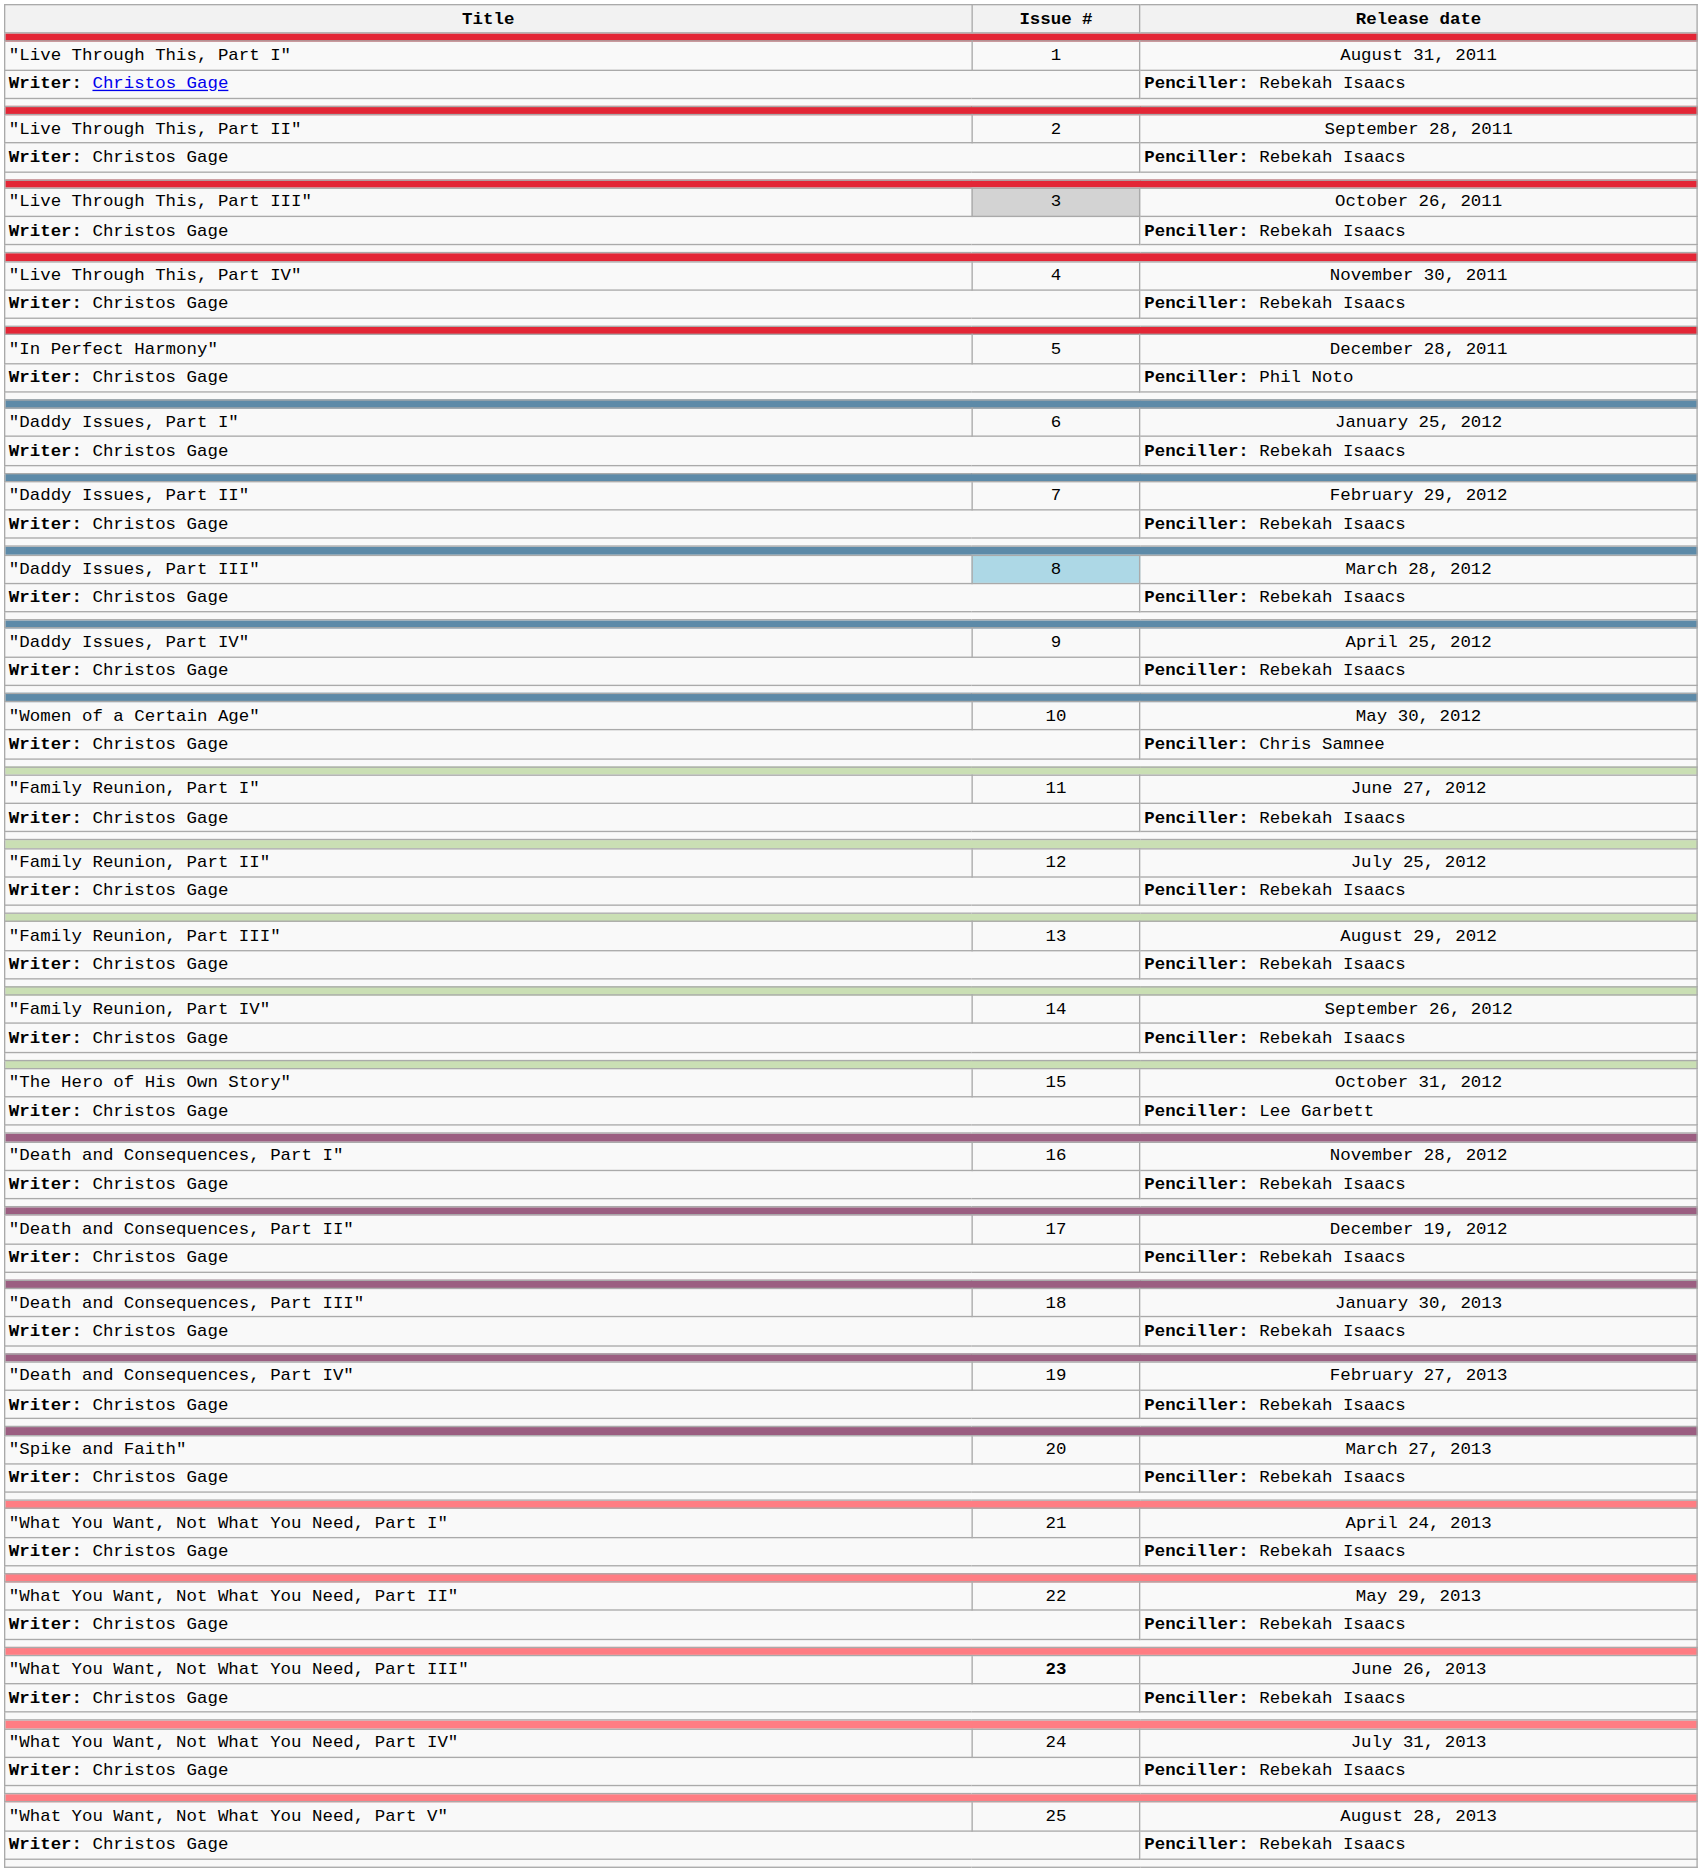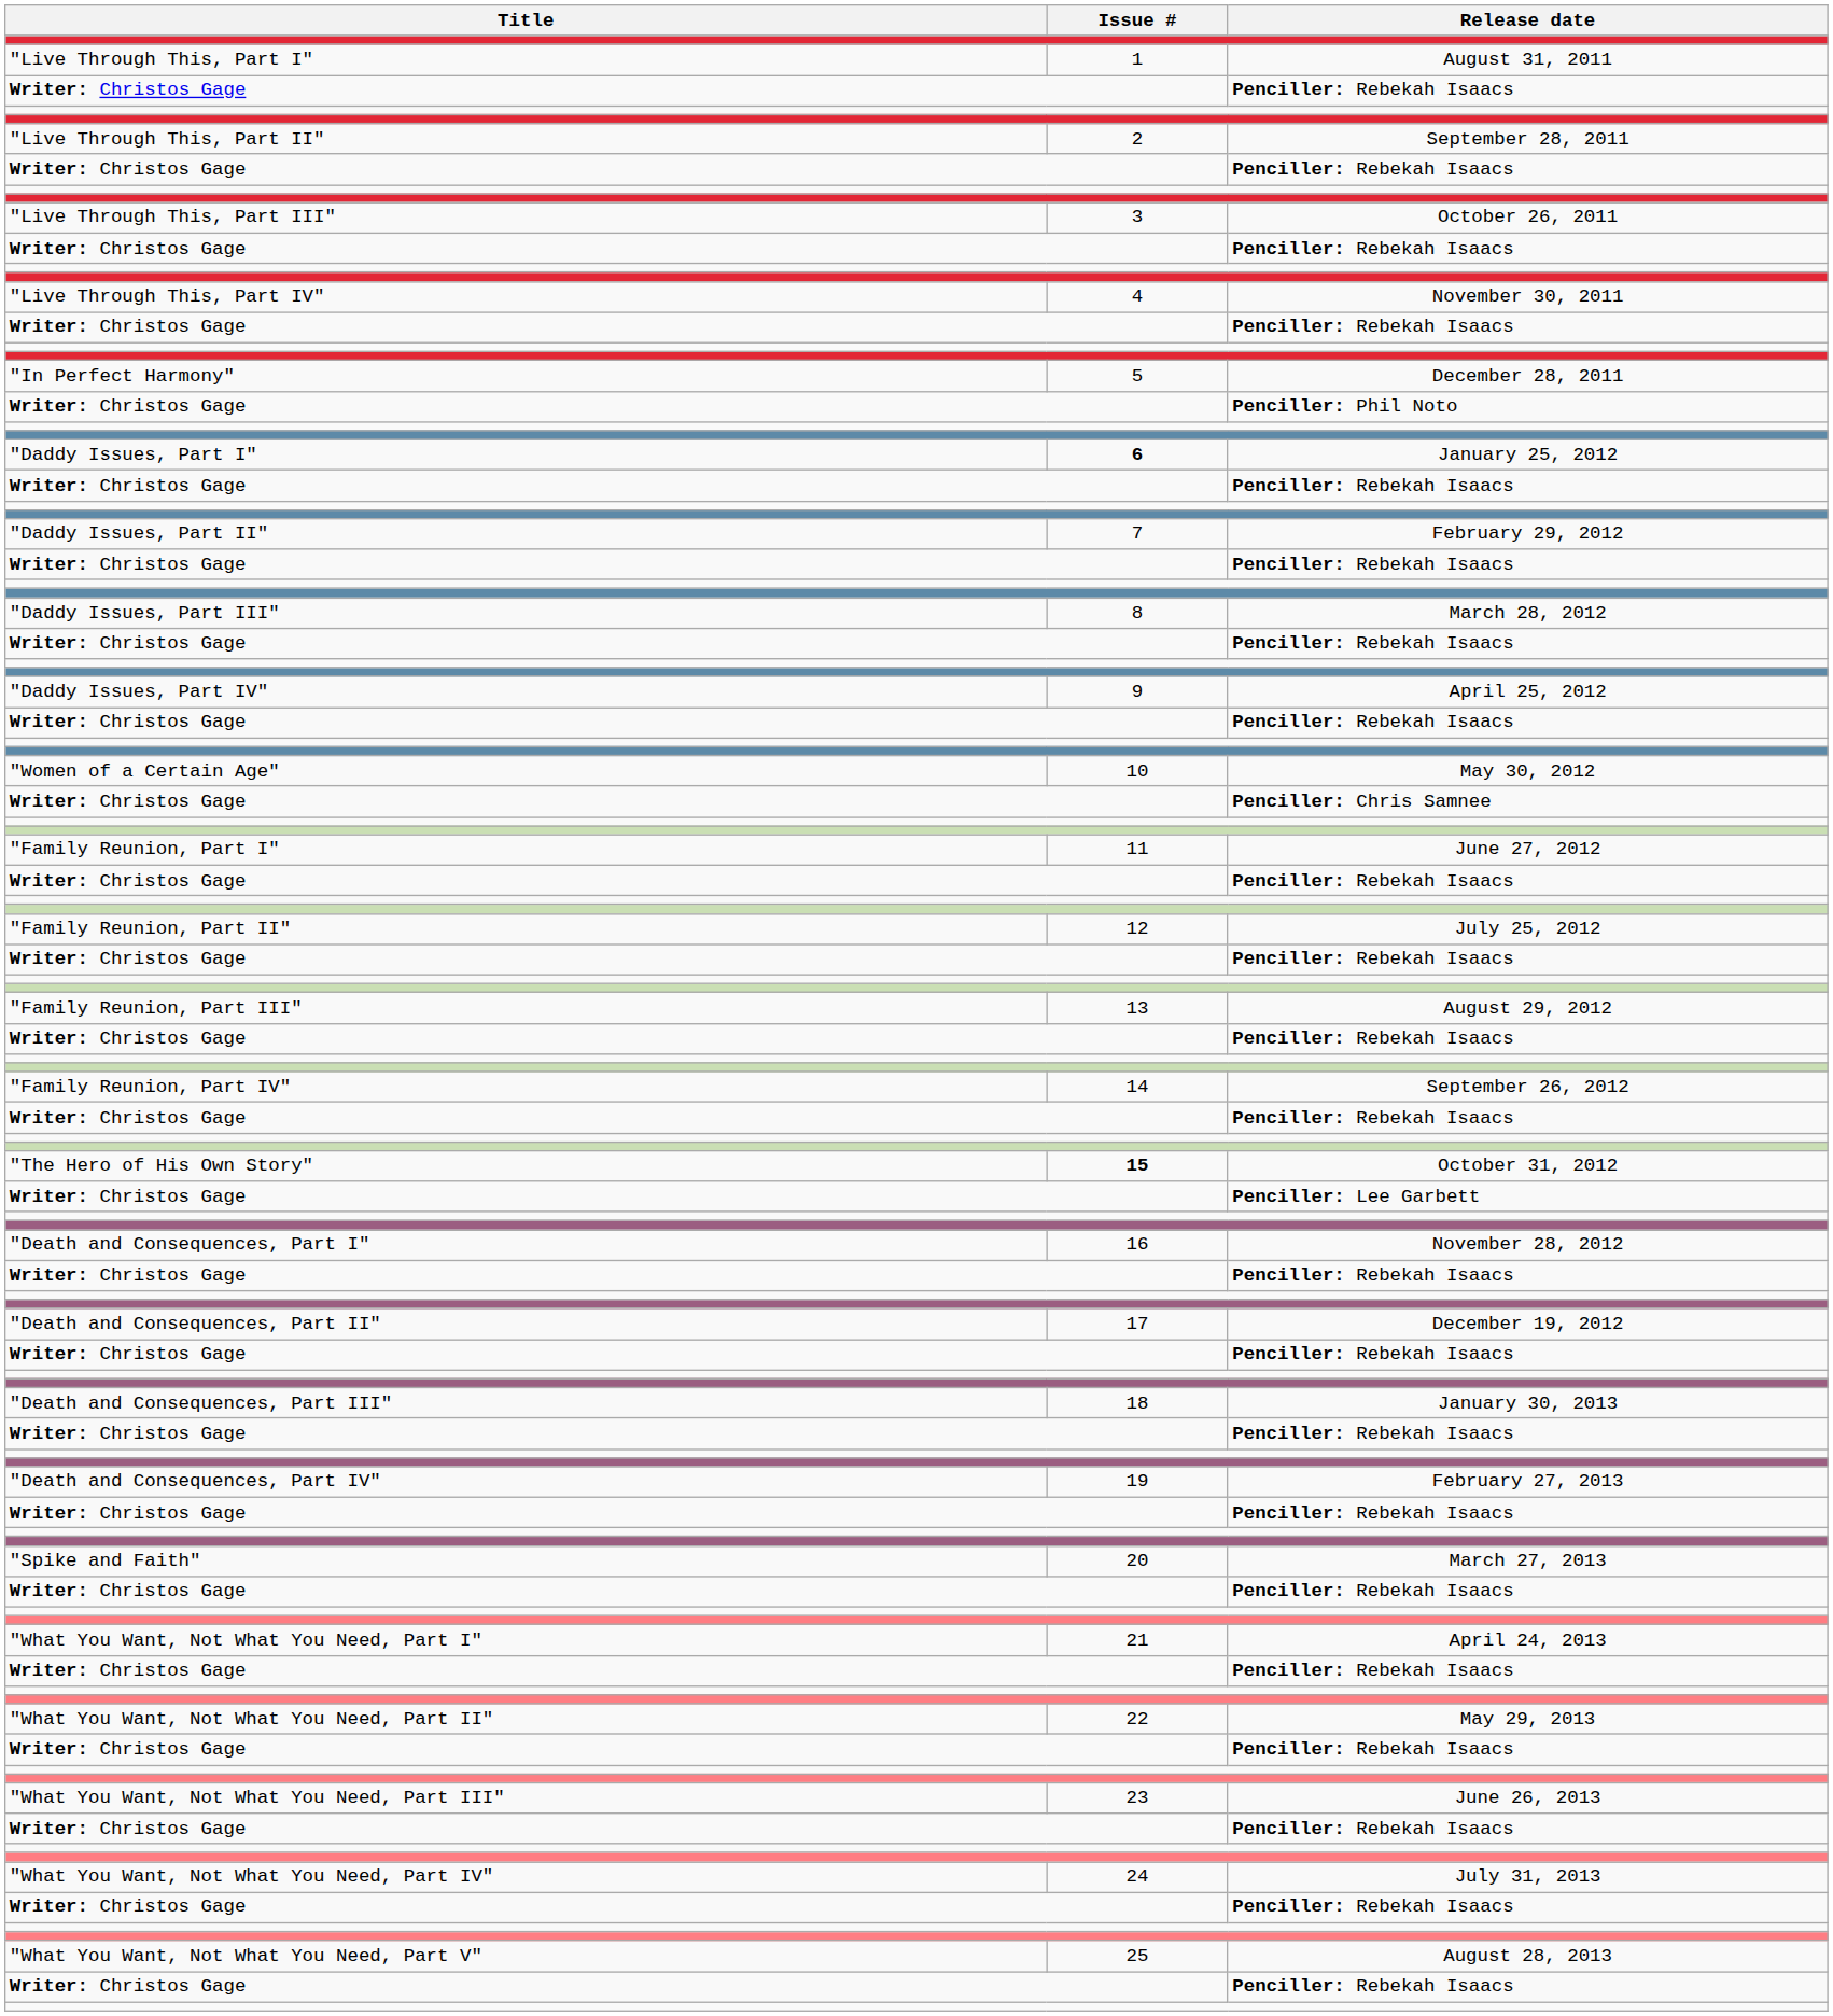 <table class="wikitable" style="width:100%">
 <tr>
 <th>Title</th>
 <th>Issue #</th>
 <th>Release date</th>
 </tr>
 <tr>
 <td colspan="6" style="background:#e32636;"></td>
 </tr>
 <tr>
 <td>"Live Through This, Part I"</td>
 <td style="text-align:center;">1</td>
 <td style="text-align:center;">August 31, 2011</td>
 </tr>
 <tr>
 <td colspan="2"><strong>Writer:</strong> <a href='#'>Christos Gage</a></td>
 <td><strong>Penciller:</strong> Rebekah Isaacs</td>
 </tr>
 <tr>
 <td colspan="6"></td>
 </tr>
 <tr>
 <td colspan="6" style="background:#e32636;"></td>
 </tr>
 <tr>
 <td>"Live Through This, Part II"</td>
 <td style="text-align:center;">2</td>
 <td style="text-align:center;">September 28, 2011</td>
 </tr>
 <tr>
 <td colspan="2"><strong>Writer:</strong> Christos Gage</td>
 <td><strong>Penciller:</strong> Rebekah Isaacs</td>
 </tr>
 <tr>
 <td colspan="6"></td>
 </tr>
 <tr>
 <td colspan="6" style="background:#e32636;"></td>
 </tr>
 <tr>
 <td>"Live Through This, Part III"</td>
-<td style="background: lightgrey; text-align:center;">3</td>
+<td style="text-align:center;">3</td>
 <td style="text-align:center;">October 26, 2011</td>
 </tr>
 <tr>
 <td colspan="2"><strong>Writer:</strong> Christos Gage</td>
 <td><strong>Penciller:</strong> Rebekah Isaacs</td>
 </tr>
 <tr>
 <td colspan="6"></td>
 </tr>
 <tr>
 <td colspan="6" style="background:#e32636;"></td>
 </tr>
 <tr>
 <td>"Live Through This, Part IV"</td>
 <td style="text-align:center;">4</td>
 <td style="text-align:center;">November 30, 2011</td>
 </tr>
 <tr>
 <td colspan="2"><strong>Writer:</strong> Christos Gage</td>
 <td><strong>Penciller:</strong> Rebekah Isaacs</td>
 </tr>
 <tr>
 <td colspan="6"></td>
 </tr>
 <tr>
 <td colspan="6" style="background:#e32636;"></td>
 </tr>
 <tr>
 <td>"In Perfect Harmony"</td>
 <td style="text-align:center;">5</td>
 <td style="text-align:center;">December 28, 2011</td>
 </tr>
 <tr>
 <td colspan="2"><strong>Writer:</strong> Christos Gage</td>
 <td><strong>Penciller:</strong> Phil Noto</td>
 </tr>
 <tr>
 <td colspan="6"></td>
 </tr>
 <tr>
 <td colspan="6" style="background:#5d8aa8;"></td>
 </tr>
 <tr>
 <td>"Daddy Issues, Part I"</td>
-<td style="text-align:center;">6</td>
+<td style="text-align:center;"><strong>6</strong></td>
 <td style="text-align:center;">January 25, 2012</td>
 </tr>
 <tr>
 <td colspan="2"><strong>Writer:</strong> Christos Gage</td>
 <td><strong>Penciller:</strong> Rebekah Isaacs</td>
 </tr>
 <tr>
 <td colspan="6"></td>
 </tr>
 <tr>
 <td colspan="6" style="background:#5d8aa8;"></td>
 </tr>
 <tr>
 <td>"Daddy Issues, Part II"</td>
 <td style="text-align:center;">7</td>
 <td style="text-align:center;">February 29, 2012</td>
 </tr>
 <tr>
 <td colspan="2"><strong>Writer:</strong> Christos Gage</td>
 <td><strong>Penciller:</strong> Rebekah Isaacs</td>
 </tr>
 <tr>
 <td colspan="6"></td>
 </tr>
 <tr>
 <td colspan="6" style="background:#5d8aa8;"></td>
 </tr>
 <tr>
 <td>"Daddy Issues, Part III"</td>
-<td style="background: lightblue; text-align:center;">8</td>
+<td style="text-align:center;">8</td>
 <td style="text-align:center;">March 28, 2012</td>
 </tr>
 <tr>
 <td colspan="2"><strong>Writer:</strong> Christos Gage</td>
 <td><strong>Penciller:</strong> Rebekah Isaacs</td>
 </tr>
 <tr>
 <td colspan="6"></td>
 </tr>
 <tr>
 <td colspan="6" style="background:#5d8aa8;"></td>
 </tr>
 <tr>
 <td>"Daddy Issues, Part IV"</td>
 <td style="text-align:center;">9</td>
 <td style="text-align:center;">April 25, 2012</td>
 </tr>
 <tr>
 <td colspan="2"><strong>Writer:</strong> Christos Gage</td>
 <td><strong>Penciller:</strong> Rebekah Isaacs</td>
 </tr>
 <tr>
 <td colspan="6"></td>
 </tr>
 <tr>
 <td colspan="6" style="background:#5d8aa8;"></td>
 </tr>
 <tr>
 <td>"Women of a Certain Age"</td>
 <td style="text-align:center;">10</td>
 <td style="text-align:center;">May 30, 2012</td>
 </tr>
 <tr>
 <td colspan="2"><strong>Writer:</strong> Christos Gage</td>
 <td><strong>Penciller:</strong> Chris Samnee</td>
 </tr>
 <tr>
 <td colspan="6"></td>
 </tr>
 <tr>
 <td colspan="6" style="background:#cadfb4;"></td>
 </tr>
 <tr>
 <td>"Family Reunion, Part I"</td>
 <td style="text-align:center;">11</td>
 <td style="text-align:center;">June 27, 2012</td>
 </tr>
 <tr>
 <td colspan="2"><strong>Writer:</strong> Christos Gage</td>
 <td><strong>Penciller:</strong> Rebekah Isaacs</td>
 </tr>
 <tr>
 <td colspan="6"></td>
 </tr>
 <tr>
 <td colspan="6" style="background:#cadfb4;"></td>
 </tr>
 <tr>
 <td>"Family Reunion, Part II"</td>
 <td style="text-align:center;">12</td>
 <td style="text-align:center;">July 25, 2012</td>
 </tr>
 <tr>
 <td colspan="2"><strong>Writer:</strong> Christos Gage</td>
 <td><strong>Penciller:</strong> Rebekah Isaacs</td>
 </tr>
 <tr>
 <td colspan="6"></td>
 </tr>
 <tr>
 <td colspan="6" style="background:#cadfb4;"></td>
 </tr>
 <tr>
 <td>"Family Reunion, Part III"</td>
 <td style="text-align:center;">13</td>
 <td style="text-align:center;">August 29, 2012</td>
 </tr>
 <tr>
 <td colspan="2"><strong>Writer:</strong> Christos Gage</td>
 <td><strong>Penciller:</strong> Rebekah Isaacs</td>
 </tr>
 <tr>
 <td colspan="6"></td>
 </tr>
 <tr>
 <td colspan="6" style="background:#cadfb4;"></td>
 </tr>
 <tr>
 <td>"Family Reunion, Part IV"</td>
 <td style="text-align:center;">14</td>
 <td style="text-align:center;">September 26, 2012</td>
 </tr>
 <tr>
 <td colspan="2"><strong>Writer:</strong> Christos Gage</td>
 <td><strong>Penciller:</strong> Rebekah Isaacs</td>
 </tr>
 <tr>
 <td colspan="6"></td>
 </tr>
 <tr>
 <td colspan="6" style="background:#cadfb4;"></td>
 </tr>
 <tr>
 <td>"The Hero of His Own Story"</td>
-<td style="text-align:center;">15</td>
+<td style="text-align:center;"><strong>15</strong></td>
 <td style="text-align:center;">October 31, 2012</td>
 </tr>
 <tr>
 <td colspan="2"><strong>Writer:</strong> Christos Gage</td>
 <td><strong>Penciller:</strong> Lee Garbett</td>
 </tr>
 <tr>
 <td colspan="6"></td>
 </tr>
 <tr>
 <td colspan="6" style="background:#9b5e81;"></td>
 </tr>
 <tr>
 <td>"Death and Consequences, Part I"</td>
 <td style="text-align:center;">16</td>
 <td style="text-align:center;">November 28, 2012</td>
 </tr>
 <tr>
 <td colspan="2"><strong>Writer:</strong> Christos Gage</td>
 <td><strong>Penciller:</strong> Rebekah Isaacs</td>
 </tr>
 <tr>
 <td colspan="6"></td>
 </tr>
 <tr>
 <td colspan="6" style="background:#9b5e81;"></td>
 </tr>
 <tr>
 <td>"Death and Consequences, Part II"</td>
 <td style="text-align:center;">17</td>
 <td style="text-align:center;">December 19, 2012</td>
 </tr>
 <tr>
 <td colspan="2"><strong>Writer:</strong> Christos Gage</td>
 <td><strong>Penciller:</strong> Rebekah Isaacs</td>
 </tr>
 <tr>
 <td colspan="6"></td>
 </tr>
 <tr>
 <td colspan="6" style="background:#9b5e81;"></td>
 </tr>
 <tr>
 <td>"Death and Consequences, Part III"</td>
 <td style="text-align:center;">18</td>
 <td style="text-align:center;">January 30, 2013</td>
 </tr>
 <tr>
 <td colspan="2"><strong>Writer:</strong> Christos Gage</td>
 <td><strong>Penciller:</strong> Rebekah Isaacs</td>
 </tr>
 <tr>
 <td colspan="6"></td>
 </tr>
 <tr>
 <td colspan="6" style="background:#9b5e81;"></td>
 </tr>
 <tr>
 <td>"Death and Consequences, Part IV"</td>
 <td style="text-align:center;">19</td>
 <td style="text-align:center;">February 27, 2013</td>
 </tr>
 <tr>
 <td colspan="2"><strong>Writer:</strong> Christos Gage</td>
 <td><strong>Penciller:</strong> Rebekah Isaacs</td>
 </tr>
 <tr>
 <td colspan="6"></td>
 </tr>
 <tr>
 <td colspan="6" style="background:#9b5e81;"></td>
 </tr>
 <tr>
 <td>"Spike and Faith"</td>
 <td style="text-align:center;">20</td>
 <td style="text-align:center;">March 27, 2013</td>
 </tr>
 <tr>
 <td colspan="2"><strong>Writer:</strong> Christos Gage</td>
 <td><strong>Penciller:</strong> Rebekah Isaacs</td>
 </tr>
 <tr>
 <td colspan="6"></td>
 </tr>
 <tr>
 <td colspan="6" style="background:#ff7d83;"></td>
 </tr>
 <tr>
 <td>"What You Want, Not What You Need, Part I"</td>
 <td style="text-align:center;">21</td>
 <td style="text-align:center;">April 24, 2013</td>
 </tr>
 <tr>
 <td colspan="2"><strong>Writer:</strong> Christos Gage</td>
 <td><strong>Penciller:</strong> Rebekah Isaacs</td>
 </tr>
 <tr>
 <td colspan="6"></td>
 </tr>
 <tr>
 <td colspan="6" style="background:#ff7d83;"></td>
 </tr>
 <tr>
 <td>"What You Want, Not What You Need, Part II"</td>
 <td style="text-align:center;">22</td>
 <td style="text-align:center;">May 29, 2013</td>
 </tr>
 <tr>
 <td colspan="2"><strong>Writer:</strong> Christos Gage</td>
 <td><strong>Penciller:</strong> Rebekah Isaacs</td>
 </tr>
 <tr>
 <td colspan="6"></td>
 </tr>
 <tr>
 <td colspan="6" style="background:#ff7d83;"></td>
 </tr>
 <tr>
 <td>"What You Want, Not What You Need, Part III"</td>
-<td style="text-align:center;"><strong>23</strong></td>
+<td style="text-align:center;">23</td>
 <td style="text-align:center;">June 26, 2013</td>
 </tr>
 <tr>
 <td colspan="2"><strong>Writer:</strong> Christos Gage</td>
 <td><strong>Penciller:</strong> Rebekah Isaacs</td>
 </tr>
 <tr>
 <td colspan="6"></td>
 </tr>
 <tr>
 <td colspan="6" style="background:#ff7d83;"></td>
 </tr>
 <tr>
 <td>"What You Want, Not What You Need, Part IV"</td>
 <td style="text-align:center;">24</td>
 <td style="text-align:center;">July 31, 2013</td>
 </tr>
 <tr>
 <td colspan="2"><strong>Writer:</strong> Christos Gage</td>
 <td><strong>Penciller:</strong> Rebekah Isaacs</td>
 </tr>
 <tr>
 <td colspan="6"></td>
 </tr>
 <tr>
 <td colspan="6" style="background:#ff7d83;"></td>
 </tr>
 <tr>
 <td>"What You Want, Not What You Need, Part V"</td>
 <td style="text-align:center;">25</td>
 <td style="text-align:center;">August 28, 2013</td>
 </tr>
 <tr>
 <td colspan="2"><strong>Writer:</strong> Christos Gage</td>
 <td><strong>Penciller:</strong> Rebekah Isaacs</td>
 </tr>
 <tr>
 <td colspan="6"></td>
 </tr>
 </table>
